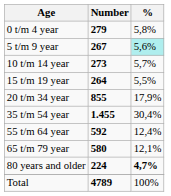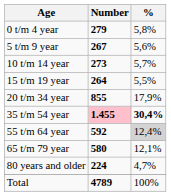 <table class="wikitable">
 <tr>
 <th>Age</th>
 <th>Number</th>
 <th>%</th>
 </tr>
 <tr>
 <td>0 t/m 4 year</td>
 <td><strong>279</strong></td>
 <td>5,8%</td>
 </tr>
 <tr>
 <td>5 t/m 9 year</td>
 <td><strong>267</strong></td>
-<td style="background: paleturquoise;">5,6%</td>
+<td>5,6%</td>
 </tr>
 <tr>
 <td>10 t/m 14 year</td>
 <td><strong>273</strong></td>
 <td>5,7%</td>
 </tr>
 <tr>
 <td>15 t/m 19 year</td>
 <td><strong>264</strong></td>
 <td>5,5%</td>
 </tr>
 <tr>
 <td>20 t/m 34 year</td>
 <td><strong>855</strong></td>
 <td>17,9%</td>
 </tr>
 <tr>
 <td>35 t/m 54 year</td>
-<td><strong>1.455</strong></td>
-<td>30,4%</td>
+<td style="background: pink;"><strong>1.455</strong></td>
+<td><strong>30,4%</strong></td>
 </tr>
 <tr>
 <td>55 t/m 64 year</td>
 <td><strong>592</strong></td>
-<td>12,4%</td>
+<td style="background: lightgrey;">12,4%</td>
 </tr>
 <tr>
 <td>65 t/m 79 year</td>
 <td><strong>580</strong></td>
 <td>12,1%</td>
 </tr>
 <tr>
 <td>80 years and older</td>
 <td><strong>224</strong></td>
-<td><strong>4,7%</strong></td>
+<td>4,7%</td>
 </tr>
 <tr>
 </tr>
 <tr>
 <td>Total</td>
 <td><strong>4789</strong></td>
 <td>100%</td>
 </tr>
 </table>
